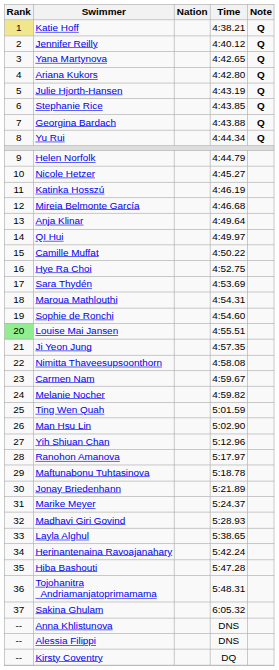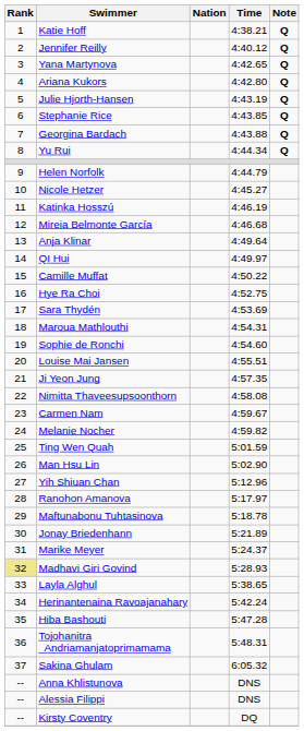 <table class="wikitable" style="text-align:center">
 <tr>
 <th>Rank</th>
 <th>Swimmer</th>
 <th>Nation</th>
 <th>Time</th>
 <th>Note</th>
 </tr>
 <tr>
-<td style="background: khaki;">1</td>
+<td>1</td>
 <td align=left><a href='#'>Katie Hoff</a></td>
 <td align=left></td>
 <td>4:38.21</td>
 <td><strong>Q</strong></td>
 </tr>
 <tr>
 <td>2</td>
 <td align=left><a href='#'>Jennifer Reilly</a></td>
 <td align=left></td>
 <td>4:40.12</td>
 <td><strong>Q</strong></td>
 </tr>
 <tr>
 <td>3</td>
 <td align=left><a href='#'>Yana Martynova</a></td>
 <td align=left></td>
 <td>4:42.65</td>
 <td><strong>Q</strong></td>
 </tr>
 <tr>
 <td>4</td>
 <td align=left><a href='#'>Ariana Kukors</a></td>
 <td align=left></td>
 <td>4:42.80</td>
 <td><strong>Q</strong></td>
 </tr>
 <tr>
 <td>5</td>
 <td align=left><a href='#'>Julie Hjorth-Hansen</a></td>
 <td align=left></td>
 <td>4:43.19</td>
 <td><strong>Q</strong></td>
 </tr>
 <tr>
 <td>6</td>
 <td align=left><a href='#'>Stephanie Rice</a></td>
 <td align=left></td>
 <td>4:43.85</td>
 <td><strong>Q</strong></td>
 </tr>
 <tr>
 <td>7</td>
 <td align=left><a href='#'>Georgina Bardach</a></td>
 <td align=left></td>
 <td>4:43.88</td>
 <td><strong>Q</strong></td>
 </tr>
 <tr>
 <td>8</td>
 <td align=left><a href='#'>Yu Rui</a></td>
 <td align=left></td>
 <td>4:44.34</td>
 <td><strong>Q</strong></td>
 </tr>
 <tr bgcolor=#DDDDDD>
 <td colspan=5></td>
 </tr>
 <tr>
 <td>9</td>
 <td align=left><a href='#'>Helen Norfolk</a></td>
 <td align=left></td>
 <td>4:44.79</td>
 <td></td>
 </tr>
 <tr>
 <td>10</td>
 <td align=left><a href='#'>Nicole Hetzer</a></td>
 <td align=left></td>
 <td>4:45.27</td>
 <td></td>
 </tr>
 <tr>
 <td>11</td>
 <td align=left><a href='#'>Katinka Hosszú</a></td>
 <td align=left></td>
 <td>4:46.19</td>
 <td></td>
 </tr>
 <tr>
 <td>12</td>
 <td align=left><a href='#'>Mireia Belmonte García</a></td>
 <td align=left></td>
 <td>4:46.68</td>
 <td></td>
 </tr>
 <tr>
 <td>13</td>
 <td align=left><a href='#'>Anja Klinar</a></td>
 <td align=left></td>
 <td>4:49.64</td>
 <td></td>
 </tr>
 <tr>
 <td>14</td>
 <td align=left><a href='#'>QI Hui</a></td>
 <td align=left></td>
 <td>4:49.97</td>
 <td></td>
 </tr>
 <tr>
 <td>15</td>
 <td align=left><a href='#'>Camille Muffat</a></td>
 <td align=left></td>
 <td>4:50.22</td>
 <td></td>
 </tr>
 <tr>
 <td>16</td>
 <td align=left><a href='#'>Hye Ra Choi</a></td>
 <td align=left></td>
 <td>4:52.75</td>
 <td></td>
 </tr>
 <tr>
 <td>17</td>
 <td align=left><a href='#'>Sara Thydén</a></td>
 <td align=left></td>
 <td>4:53.69</td>
 <td></td>
 </tr>
 <tr>
 <td>18</td>
 <td align=left><a href='#'>Maroua Mathlouthi</a></td>
 <td align=left></td>
 <td>4:54.31</td>
 <td></td>
 </tr>
 <tr>
 <td>19</td>
 <td align=left><a href='#'>Sophie de Ronchi</a></td>
 <td align=left></td>
 <td>4:54.60</td>
 <td></td>
 </tr>
 <tr>
-<td style="background: lightgreen;">20</td>
+<td>20</td>
 <td align=left><a href='#'>Louise Mai Jansen</a></td>
 <td align=left></td>
 <td>4:55.51</td>
 <td></td>
 </tr>
 <tr>
 <td>21</td>
 <td align=left><a href='#'>Ji Yeon Jung</a></td>
 <td align=left></td>
 <td>4:57.35</td>
 <td></td>
 </tr>
 <tr>
 <td>22</td>
 <td align=left><a href='#'>Nimitta Thaveesupsoonthorn</a></td>
 <td align=left></td>
 <td>4:58.08</td>
 <td></td>
 </tr>
 <tr>
 <td>23</td>
 <td align=left><a href='#'>Carmen Nam</a></td>
 <td align=left></td>
 <td>4:59.67</td>
 <td></td>
 </tr>
 <tr>
 <td>24</td>
 <td align=left><a href='#'>Melanie Nocher</a></td>
 <td align=left></td>
 <td>4:59.82</td>
 <td></td>
 </tr>
 <tr>
 <td>25</td>
 <td align=left><a href='#'>Ting Wen Quah</a></td>
 <td align=left></td>
 <td>5:01.59</td>
 <td></td>
 </tr>
 <tr>
 <td>26</td>
 <td align=left><a href='#'>Man Hsu Lin</a></td>
 <td align=left></td>
 <td>5:02.90</td>
 <td></td>
 </tr>
 <tr>
 <td>27</td>
 <td align=left><a href='#'>Yih Shiuan Chan</a></td>
 <td align=left></td>
 <td>5:12.96</td>
 <td></td>
 </tr>
 <tr>
 <td>28</td>
 <td align=left><a href='#'>Ranohon Amanova</a></td>
 <td align=left></td>
 <td>5:17.97</td>
 <td></td>
 </tr>
 <tr>
 <td>29</td>
 <td align=left><a href='#'>Maftunabonu Tuhtasinova</a></td>
 <td align=left></td>
 <td>5:18.78</td>
 <td></td>
 </tr>
 <tr>
 <td>30</td>
 <td align=left><a href='#'>Jonay Briedenhann</a></td>
 <td align=left></td>
 <td>5:21.89</td>
 <td></td>
 </tr>
 <tr>
 <td>31</td>
 <td align=left><a href='#'>Marike Meyer</a></td>
 <td align=left></td>
 <td>5:24.37</td>
 <td></td>
 </tr>
 <tr>
-<td>32</td>
+<td style="background: khaki;">32</td>
 <td align=left><a href='#'>Madhavi Giri Govind</a></td>
 <td align=left></td>
 <td>5:28.93</td>
 <td></td>
 </tr>
 <tr>
 <td>33</td>
 <td align=left><a href='#'>Layla Alghul</a></td>
 <td align=left></td>
 <td>5:38.65</td>
 <td></td>
 </tr>
 <tr>
 <td>34</td>
 <td align=left><a href='#'>Herinantenaina Ravoajanahary</a></td>
 <td align=left></td>
 <td>5:42.24</td>
 <td></td>
 </tr>
 <tr>
 <td>35</td>
 <td align=left><a href='#'>Hiba Bashouti</a></td>
 <td align=left></td>
 <td>5:47.28</td>
 <td></td>
 </tr>
 <tr>
 <td>36</td>
 <td align=left><a href='#'>Tojohanitra <br>   Andriamanjatoprimamama</a></td>
 <td align=left></td>
 <td>5:48.31</td>
 <td></td>
 </tr>
 <tr>
 <td>37</td>
 <td align=left><a href='#'>Sakina Ghulam</a></td>
 <td align=left></td>
 <td>6:05.32</td>
 <td></td>
 </tr>
 <tr>
 <td>--</td>
 <td align=left><a href='#'>Anna Khlistunova</a></td>
 <td align=left></td>
 <td>DNS</td>
 <td></td>
 </tr>
 <tr>
 <td>--</td>
 <td align=left><a href='#'>Alessia Filippi</a></td>
 <td align=left></td>
 <td>DNS</td>
 <td></td>
 </tr>
 <tr>
 <td>--</td>
 <td align=left><a href='#'>Kirsty Coventry</a></td>
 <td align=left></td>
 <td>DQ</td>
 <td></td>
 </tr>
 <tr>
 </tr>
 </table>
